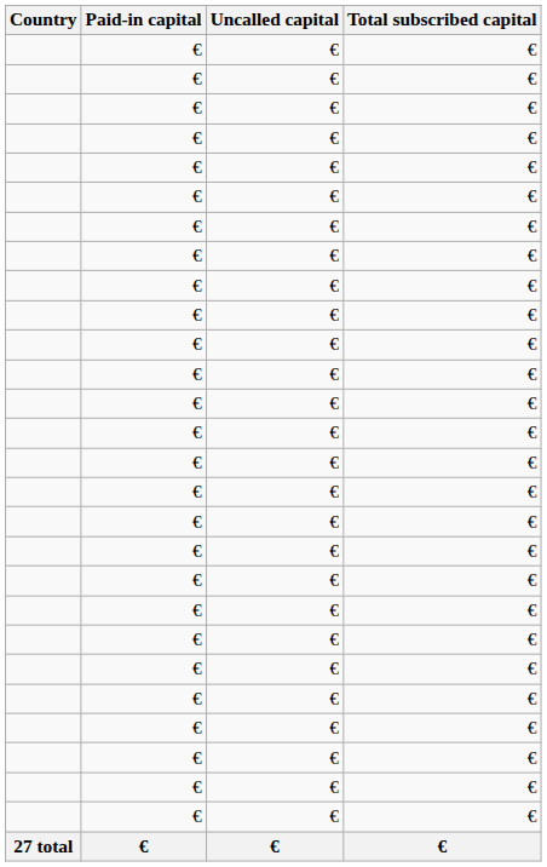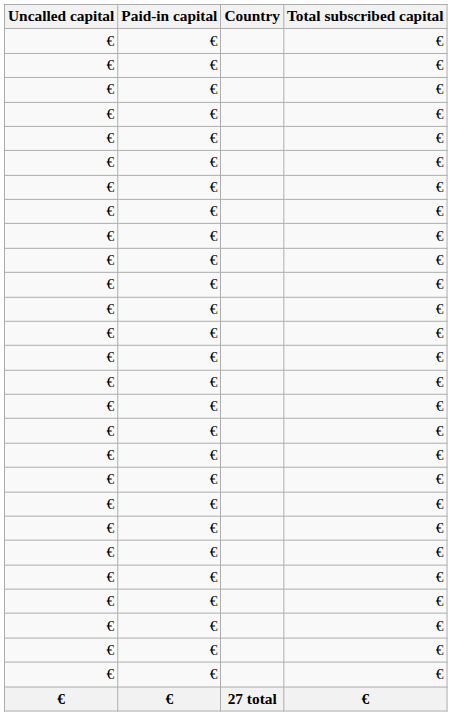 <table class="wikitable sortable" style="text-align:right">
 <tr>
+<th>Uncalled capital</th>
+<th>Paid-in capital</th>
 <th>Country</th>
-<th>Paid-in capital</th>
-<th>Uncalled capital</th>
 <th>Total subscribed capital</th>
 </tr>
 <tr>
-<td style="text-align:left"></td>
 <td>€</td>
 <td>€</td>
+<td style="text-align:left"></td>
 <td>€</td>
 </tr>
 <tr>
-<td style="text-align:left"></td>
 <td>€</td>
 <td>€</td>
+<td style="text-align:left"></td>
 <td>€</td>
 </tr>
 <tr>
-<td style="text-align:left"></td>
 <td>€</td>
 <td>€</td>
+<td style="text-align:left"></td>
 <td>€</td>
 </tr>
 <tr>
-<td style="text-align:left"></td>
 <td>€</td>
 <td>€</td>
+<td style="text-align:left"></td>
 <td>€</td>
 </tr>
 <tr>
-<td style="text-align:left"></td>
 <td>€</td>
 <td>€</td>
+<td style="text-align:left"></td>
 <td>€</td>
 </tr>
 <tr>
-<td style="text-align:left"></td>
 <td>€</td>
 <td>€</td>
+<td style="text-align:left"></td>
 <td>€</td>
 </tr>
 <tr>
-<td style="text-align:left"></td>
 <td>€</td>
 <td>€</td>
+<td style="text-align:left"></td>
 <td>€</td>
 </tr>
 <tr>
-<td style="text-align:left"></td>
 <td>€</td>
 <td>€</td>
+<td style="text-align:left"></td>
 <td>€</td>
 </tr>
 <tr>
-<td style="text-align:left"></td>
 <td>€</td>
 <td>€</td>
+<td style="text-align:left"></td>
 <td>€</td>
 </tr>
 <tr>
-<td style="text-align:left"></td>
 <td>€</td>
 <td>€</td>
+<td style="text-align:left"></td>
 <td>€</td>
 </tr>
 <tr>
-<td style="text-align:left"></td>
 <td>€</td>
 <td>€</td>
+<td style="text-align:left"></td>
 <td>€</td>
 </tr>
 <tr>
-<td style="text-align:left"></td>
 <td>€</td>
 <td>€</td>
+<td style="text-align:left"></td>
 <td>€</td>
 </tr>
 <tr>
-<td style="text-align:left"></td>
 <td>€</td>
 <td>€</td>
+<td style="text-align:left"></td>
 <td>€</td>
 </tr>
 <tr>
-<td style="text-align:left"></td>
 <td>€</td>
 <td>€</td>
+<td style="text-align:left"></td>
 <td>€</td>
 </tr>
 <tr>
-<td style="text-align:left"></td>
 <td>€</td>
 <td>€</td>
+<td style="text-align:left"></td>
 <td>€</td>
 </tr>
 <tr>
-<td style="text-align:left"></td>
 <td>€</td>
 <td>€</td>
+<td style="text-align:left"></td>
 <td>€</td>
 </tr>
 <tr>
-<td style="text-align:left"></td>
 <td>€</td>
 <td>€</td>
+<td style="text-align:left"></td>
 <td>€</td>
 </tr>
 <tr>
-<td style="text-align:left"></td>
 <td>€</td>
 <td>€</td>
+<td style="text-align:left"></td>
 <td>€</td>
 </tr>
 <tr>
-<td style="text-align:left"></td>
 <td>€</td>
 <td>€</td>
+<td style="text-align:left"></td>
 <td>€</td>
 </tr>
 <tr>
-<td style="text-align:left"></td>
 <td>€</td>
 <td>€</td>
+<td style="text-align:left"></td>
 <td>€</td>
 </tr>
 <tr>
-<td style="text-align:left"></td>
 <td>€</td>
 <td>€</td>
+<td style="text-align:left"></td>
 <td>€</td>
 </tr>
 <tr>
-<td style="text-align:left"></td>
 <td>€</td>
 <td>€</td>
+<td style="text-align:left"></td>
 <td>€</td>
 </tr>
 <tr>
-<td style="text-align:left"></td>
 <td>€</td>
 <td>€</td>
+<td style="text-align:left"></td>
 <td>€</td>
 </tr>
 <tr>
-<td style="text-align:left"></td>
 <td>€</td>
 <td>€</td>
+<td style="text-align:left"></td>
 <td>€</td>
 </tr>
 <tr>
-<td style="text-align:left"></td>
 <td>€</td>
 <td>€</td>
+<td style="text-align:left"></td>
 <td>€</td>
 </tr>
 <tr>
-<td style="text-align:left"></td>
 <td>€</td>
 <td>€</td>
+<td style="text-align:left"></td>
 <td>€</td>
 </tr>
 <tr>
-<td style="text-align:left"></td>
 <td>€</td>
 <td>€</td>
+<td style="text-align:left"></td>
 <td>€</td>
 </tr>
 <tr class="sortbottom">
-<th>27 total</th>
 <th>€</th>
 <th>€</th>
+<th>27 total</th>
 <th>€</th>
 </tr>
 </table>
